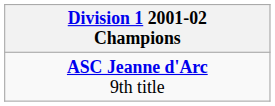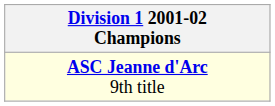 <table class="wikitable" style="margin: 0 auto; width: 240px;">
 <tr>
 <th><a href='#'>Division 1</a> 2001-02<br>Champions</th>
 </tr>
 <tr>
-<td align=center><strong><a href='#'>ASC Jeanne d'Arc</a></strong><br>9th title</td>
+<td align=center style="background: lightyellow;"><strong><a href='#'>ASC Jeanne d'Arc</a></strong><br>9th title</td>
 </tr>
 </table>
